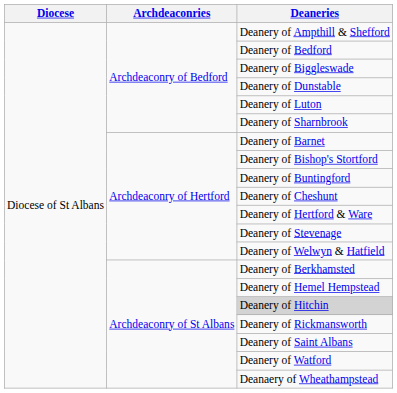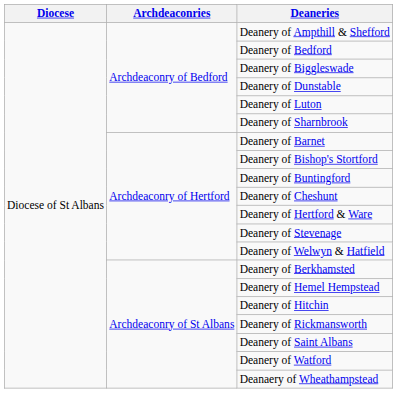 <table class="wikitable sortable">
 <tr>
 <th><a href='#'>Diocese</a></th>
 <th><a href='#'>Archdeaconries</a></th>
 <th><a href='#'>Deaneries</a></th>
 </tr>
 <tr>
 <td rowspan="26">Diocese of St Albans</td>
 <td rowspan="6"><a href='#'>Archdeaconry of Bedford</a></td>
 <td>Deanery of <a href='#'>Ampthill</a> & <a href='#'>Shefford</a></td>
 </tr>
 <tr>
 <td>Deanery of <a href='#'>Bedford</a></td>
 </tr>
 <tr>
 <td>Deanery of <a href='#'>Biggleswade</a></td>
 </tr>
 <tr>
 <td>Deanery of <a href='#'>Dunstable</a></td>
 </tr>
 <tr>
 <td>Deanery of <a href='#'>Luton</a></td>
 </tr>
 <tr>
 <td>Deanery of <a href='#'>Sharnbrook</a></td>
 </tr>
 <tr>
 <td rowspan="7"><a href='#'>Archdeaconry of Hertford</a></td>
 <td>Deanery of <a href='#'>Barnet</a></td>
 </tr>
 <tr>
 <td>Deanery of <a href='#'>Bishop's Stortford</a></td>
 </tr>
 <tr>
 <td>Deanery of <a href='#'>Buntingford</a></td>
 </tr>
 <tr>
 <td>Deanery of <a href='#'>Cheshunt</a></td>
 </tr>
 <tr>
 <td>Deanery of <a href='#'>Hertford</a> & <a href='#'>Ware</a></td>
 </tr>
 <tr>
 <td>Deanery of <a href='#'>Stevenage</a></td>
 </tr>
 <tr>
 <td>Deanery of <a href='#'>Welwyn</a> & <a href='#'>Hatfield</a></td>
 </tr>
 <tr>
 <td rowspan="7"><a href='#'>Archdeaconry of St Albans</a></td>
 <td>Deanery of <a href='#'>Berkhamsted</a></td>
 </tr>
 <tr>
 <td>Deanery of <a href='#'>Hemel Hempstead</a></td>
 </tr>
 <tr>
-<td style="background: lightgrey;">Deanery of <a href='#'>Hitchin</a></td>
+<td>Deanery of <a href='#'>Hitchin</a></td>
 </tr>
 <tr>
 <td>Deanery of <a href='#'>Rickmansworth</a></td>
 </tr>
 <tr>
 <td>Deanery of <a href='#'>Saint Albans</a></td>
 </tr>
 <tr>
 <td>Deanery of <a href='#'>Watford</a></td>
 </tr>
 <tr>
 <td>Deanaery of <a href='#'>Wheathampstead</a></td>
 </tr>
 </table>
